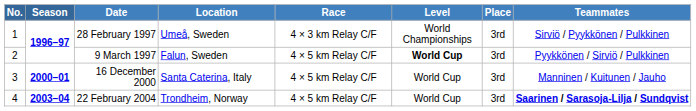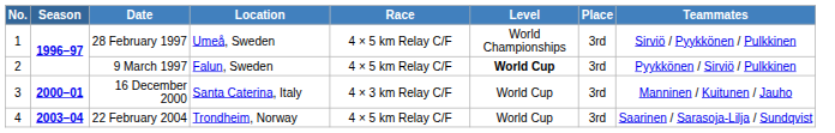 <table class="wikitable sortable" style="font-size:95%; text-align:center; border:grey solid 1px; border-collapse:collapse; background:#ffffff;">
 <tr style="background:#efefef;">
 <th style="background-color:#369; color:white;">No.</th>
 <th style="background-color:#369; color:white;">Season</th>
 <th style="background-color:#4180be; color:white; width:120px;">Date</th>
 <th style="background-color:#4180be; color:white; width:170px;">Location</th>
 <th style="background-color:#4180be; color:white; width:170px;">Race</th>
 <th style="background-color:#4180be; color:white; width:130px;">Level</th>
 <th style="background-color:#4180be; color:white;">Place</th>
 <th style="background-color:#4180be; color:white;">Teammates</th>
 </tr>
 <tr>
 <td align=center>1</td>
 <td rowspan=2 align=center><strong> <a href='#'>1996–97</a> </strong></td>
 <td align=right>28 February 1997</td>
 <td align=left> <a href='#'>Umeå</a>, Sweden</td>
-<td>4 × 3 km Relay C/F</td>
+<td>4 × 5 km Relay C/F</td>
 <td>World Championships</td>
 <td>3rd</td>
 <td><a href='#'>Sirviö</a> / <a href='#'>Pyykkönen</a> / <a href='#'>Pulkkinen</a></td>
 </tr>
 <tr>
 <td align=center>2</td>
 <td align=right>9 March 1997</td>
 <td align=left> <a href='#'>Falun</a>, Sweden</td>
 <td>4 × 5 km Relay C/F</td>
 <td><strong>World Cup</strong></td>
 <td>3rd</td>
 <td><a href='#'>Pyykkönen</a> / <a href='#'>Sirviö</a> / <a href='#'>Pulkkinen</a></td>
 </tr>
 <tr>
 <td align=center>3</td>
 <td rowspan=1 align=center><strong> <a href='#'>2000–01</a> </strong></td>
 <td align=right>16 December 2000</td>
 <td align=left> <a href='#'>Santa Caterina</a>, Italy</td>
-<td>4 × 5 km Relay C/F</td>
+<td>4 × 3 km Relay C/F</td>
 <td>World Cup</td>
 <td>3rd</td>
 <td><a href='#'>Manninen</a> / <a href='#'>Kuitunen</a> / <a href='#'>Jauho</a></td>
 </tr>
 <tr>
 <td align=center>4</td>
 <td rowspan=1 align=center><strong> <a href='#'>2003–04</a> </strong></td>
 <td align=right>22 February 2004</td>
 <td align=left> <a href='#'>Trondheim</a>, Norway</td>
 <td>4 × 5 km Relay C/F</td>
 <td>World Cup</td>
 <td>3rd</td>
-<td><strong><a href='#'>Saarinen</a> / <a href='#'>Sarasoja-Lilja</a> / <a href='#'>Sundqvist</a></strong></td>
+<td><a href='#'>Saarinen</a> / <a href='#'>Sarasoja-Lilja</a> / <a href='#'>Sundqvist</a></td>
 </tr>
 </table>
